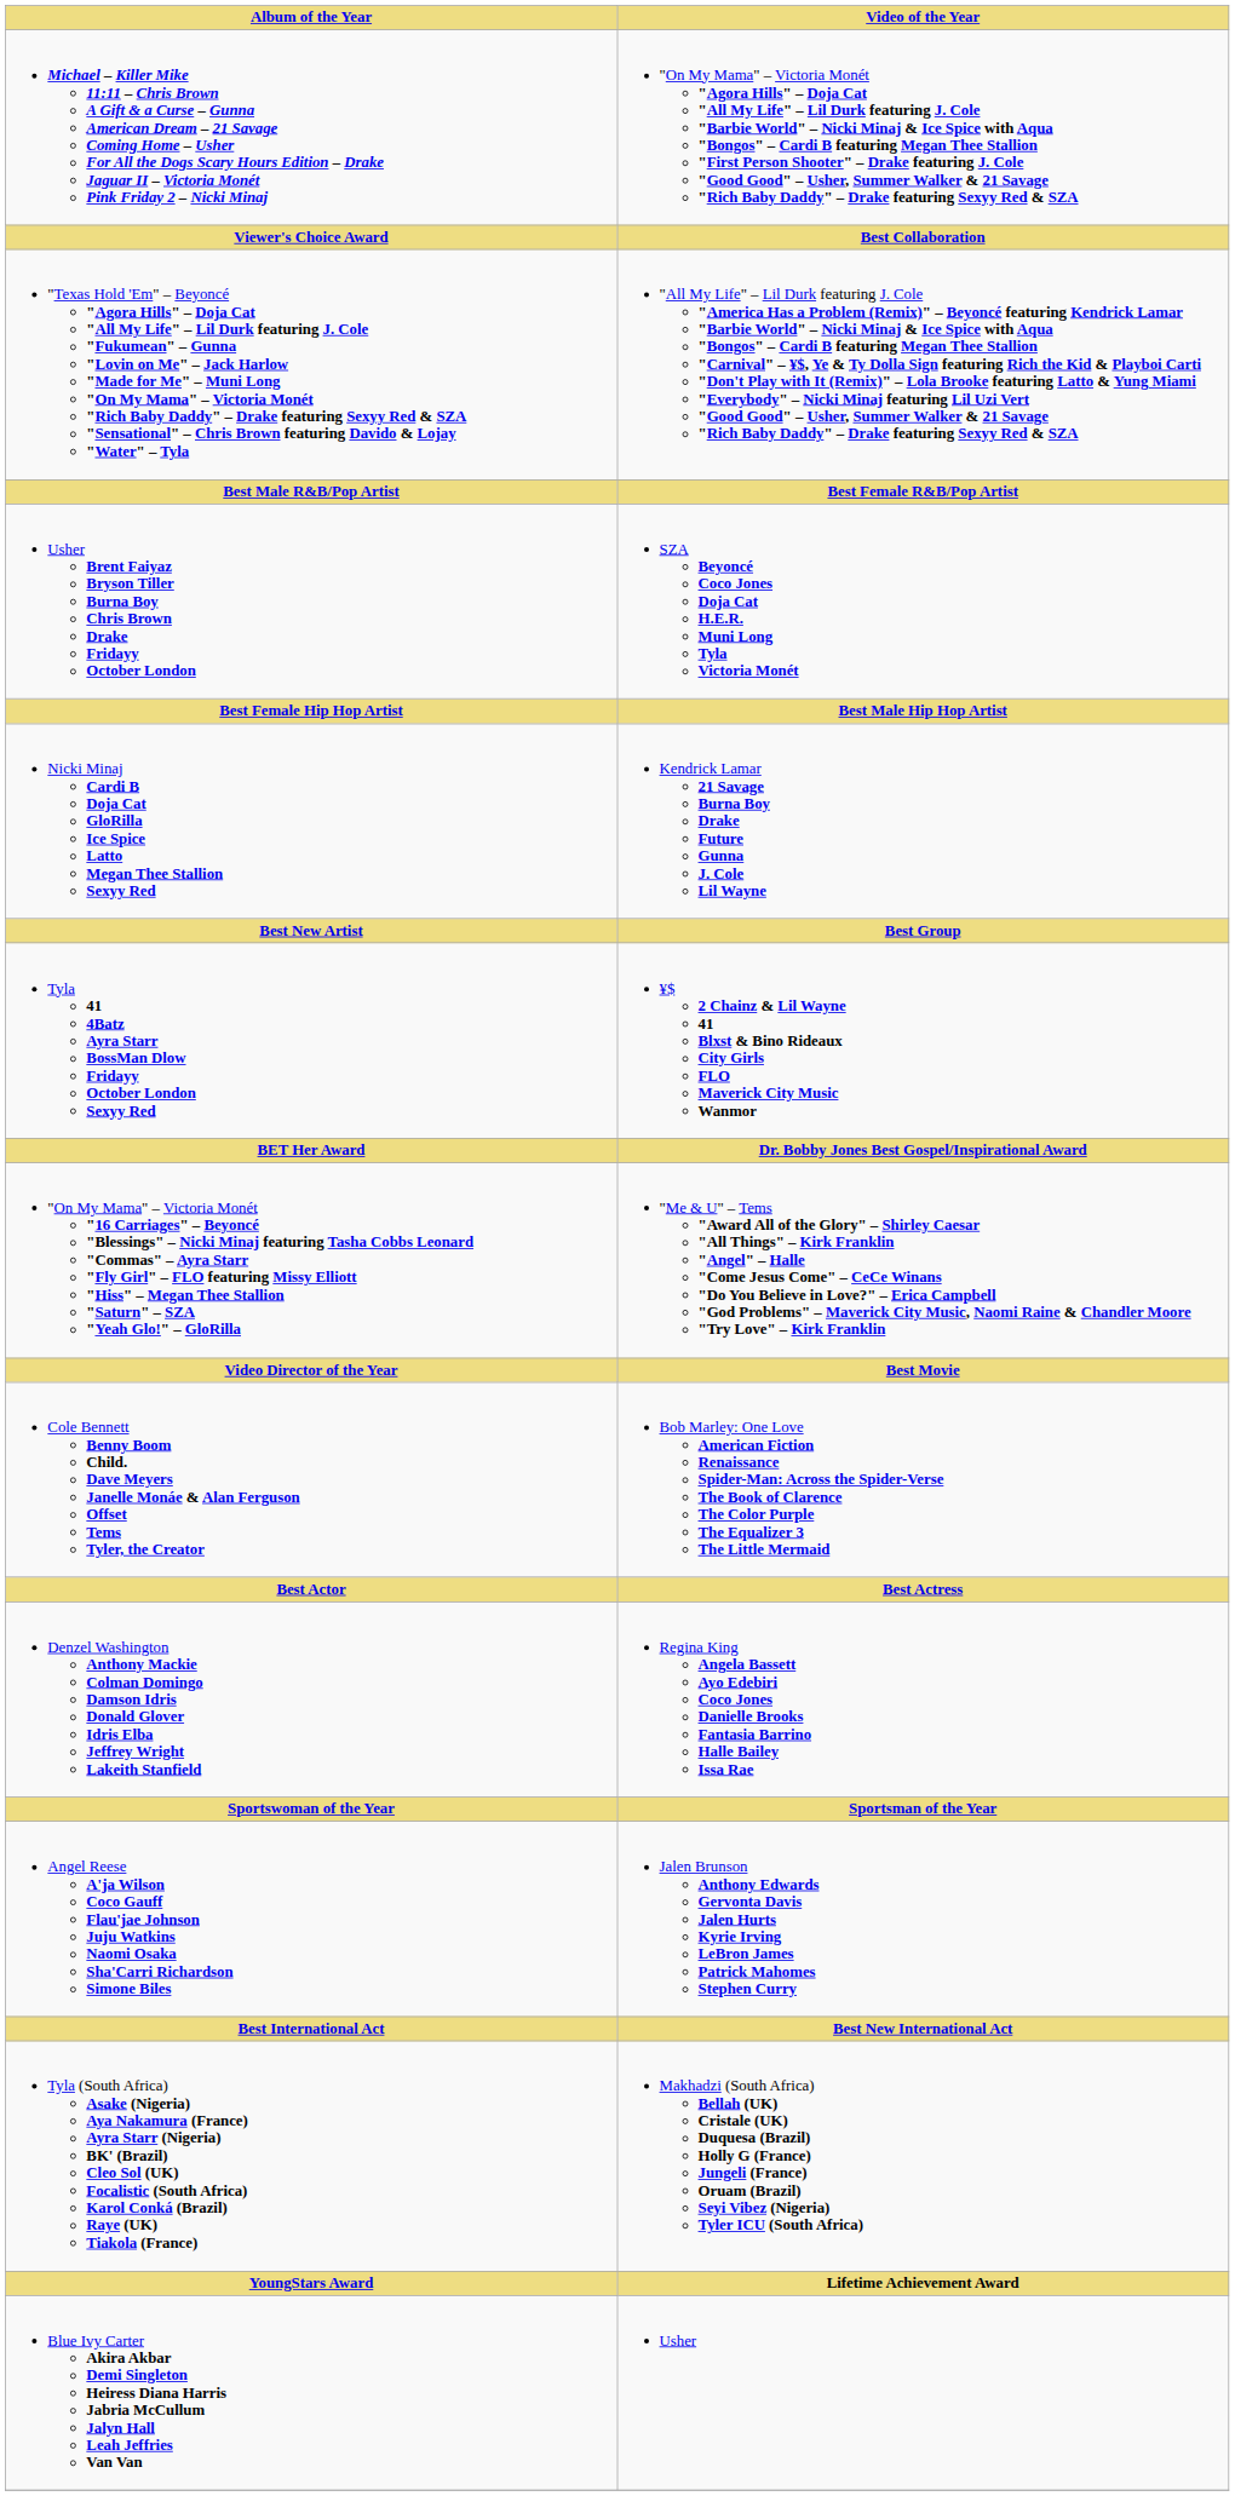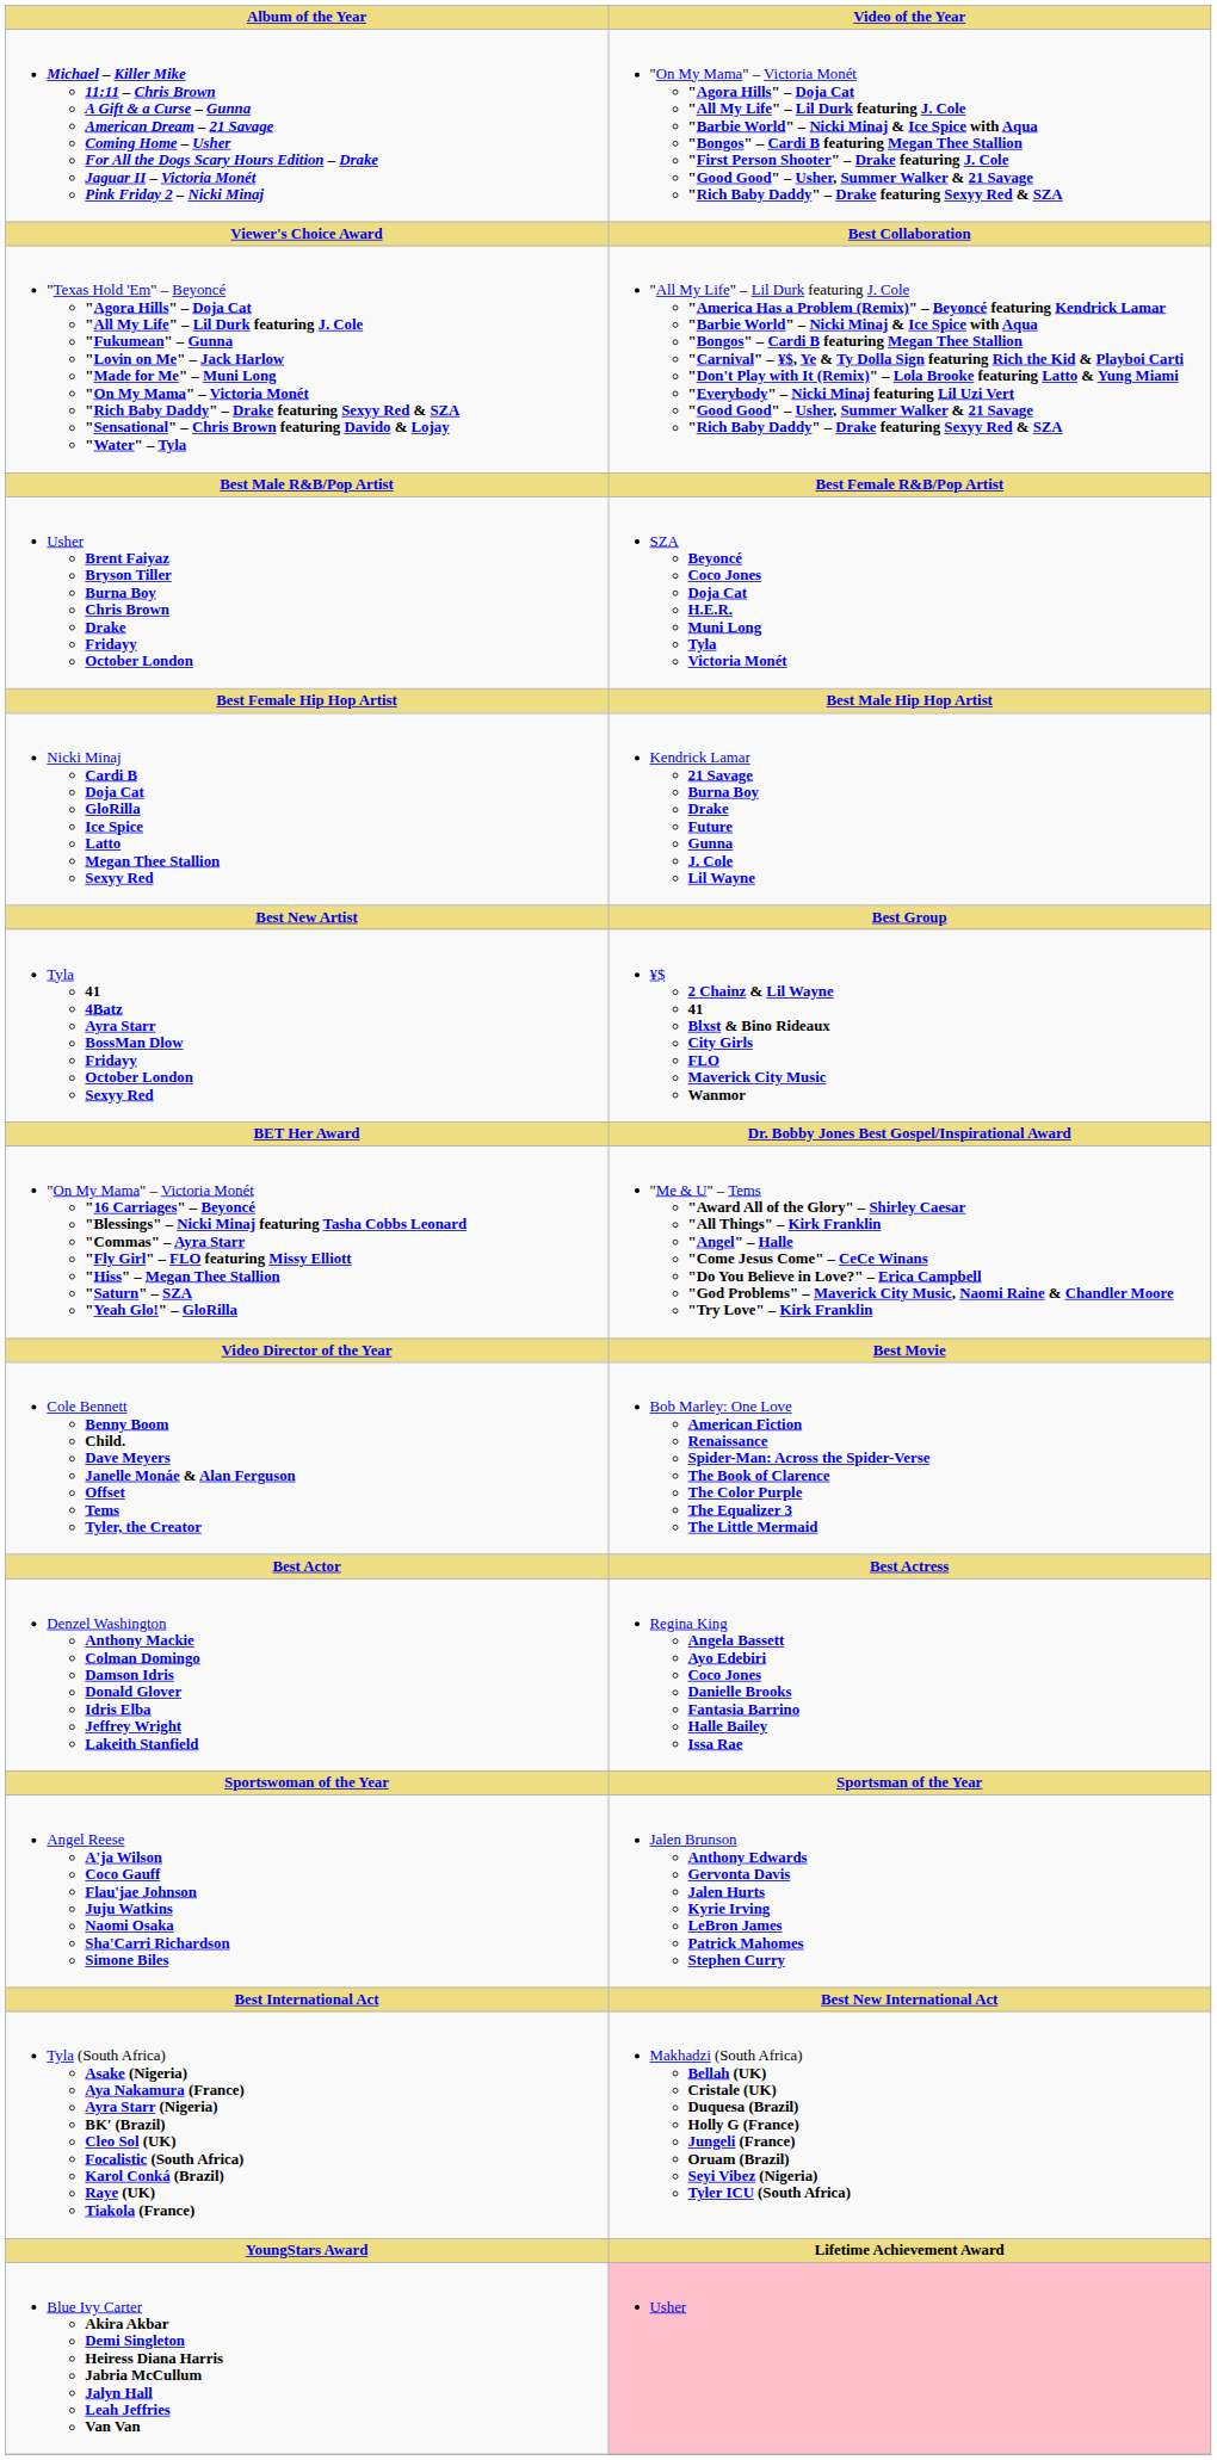 <table class=wikitable width="100%">
 <tr>
 <th style="background:#EEDD82;"! width="50%"><a href='#'>Album of the Year</a></th>
 <th style="background:#EEDD82;"! width="50%"><a href='#'>Video of the Year</a></th>
 </tr>
 <tr>
 <td valign="top"><br><ul><li><strong><em><a href='#'>Michael</a><em> – <a href='#'>Killer Mike</a><strong><ul><li></em><a href='#'>11:11</a><em> – <a href='#'>Chris Brown</a></li><li></em><a href='#'>A Gift & a Curse</a><em> – <a href='#'>Gunna</a></li><li></em><a href='#'>American Dream</a><em> – <a href='#'>21 Savage</a></li><li></em><a href='#'>Coming Home</a><em> – <a href='#'>Usher</a></li><li></em><a href='#'>For All the Dogs Scary Hours Edition</a><em> – <a href='#'>Drake</a></li><li></em><a href='#'>Jaguar II</a><em> – <a href='#'>Victoria Monét</a></li><li></em><a href='#'>Pink Friday 2</a><em> – <a href='#'>Nicki Minaj</a></li></ul></li></ul></td>
 <td valign="top"><br><ul><li></strong>"<a href='#'>On My Mama</a>" – <a href='#'>Victoria Monét</a><strong><ul><li>"<a href='#'>Agora Hills</a>" – <a href='#'>Doja Cat</a></li><li>"<a href='#'>All My Life</a>" – <a href='#'>Lil Durk</a> featuring <a href='#'>J. Cole</a></li><li>"<a href='#'>Barbie World</a>" – <a href='#'>Nicki Minaj</a> & <a href='#'>Ice Spice</a> with <a href='#'>Aqua</a></li><li>"<a href='#'>Bongos</a>" – <a href='#'>Cardi B</a> featuring <a href='#'>Megan Thee Stallion</a></li><li>"<a href='#'>First Person Shooter</a>" – <a href='#'>Drake</a> featuring <a href='#'>J. Cole</a></li><li>"<a href='#'>Good Good</a>" – <a href='#'>Usher</a>, <a href='#'>Summer Walker</a> & <a href='#'>21 Savage</a></li><li>"<a href='#'>Rich Baby Daddy</a>" – <a href='#'>Drake</a> featuring <a href='#'>Sexyy Red</a> & <a href='#'>SZA</a></li></ul></li></ul></td>
 </tr>
 <tr>
 <th style="background:#EEDD82;"! width="50%"><a href='#'>Viewer's Choice Award</a></th>
 <th style="background:#EEDD82;"! width="50%"><a href='#'>Best Collaboration</a></th>
 </tr>
 <tr>
 <td valign="top"><br><ul><li></strong>"<a href='#'>Texas Hold 'Em</a>" – <a href='#'>Beyoncé</a><strong><ul><li>"<a href='#'>Agora Hills</a>" – <a href='#'>Doja Cat</a></li><li>"<a href='#'>All My Life</a>" – <a href='#'>Lil Durk</a> featuring <a href='#'>J. Cole</a></li><li>"<a href='#'>Fukumean</a>" – <a href='#'>Gunna</a></li><li>"<a href='#'>Lovin on Me</a>" – <a href='#'>Jack Harlow</a></li><li>"<a href='#'>Made for Me</a>" – <a href='#'>Muni Long</a></li><li>"<a href='#'>On My Mama</a>" – <a href='#'>Victoria Monét</a></li><li>"<a href='#'>Rich Baby Daddy</a>" – <a href='#'>Drake</a> featuring <a href='#'>Sexyy Red</a> & <a href='#'>SZA</a></li><li>"<a href='#'>Sensational</a>" – <a href='#'>Chris Brown</a> featuring <a href='#'>Davido</a> & <a href='#'>Lojay</a></li><li>"<a href='#'>Water</a>" – <a href='#'>Tyla</a></li></ul></li></ul></td>
 <td valign="top"><br><ul><li></strong>"<a href='#'>All My Life</a>" – <a href='#'>Lil Durk</a> featuring <a href='#'>J. Cole</a><strong><ul><li>"<a href='#'>America Has a Problem (Remix)</a>" – <a href='#'>Beyoncé</a> featuring <a href='#'>Kendrick Lamar</a></li><li>"<a href='#'>Barbie World</a>" – <a href='#'>Nicki Minaj</a> & <a href='#'>Ice Spice</a> with <a href='#'>Aqua</a></li><li>"<a href='#'>Bongos</a>" – <a href='#'>Cardi B</a> featuring <a href='#'>Megan Thee Stallion</a></li><li>"<a href='#'>Carnival</a>" – <a href='#'>¥$</a>, <a href='#'>Ye</a> & <a href='#'>Ty Dolla Sign</a> featuring <a href='#'>Rich the Kid</a> & <a href='#'>Playboi Carti</a></li><li>"<a href='#'>Don't Play with It (Remix)</a>" – <a href='#'>Lola Brooke</a> featuring <a href='#'>Latto</a> & <a href='#'>Yung Miami</a></li><li>"<a href='#'>Everybody</a>" – <a href='#'>Nicki Minaj</a> featuring <a href='#'>Lil Uzi Vert</a></li><li>"<a href='#'>Good Good</a>" – <a href='#'>Usher</a>, <a href='#'>Summer Walker</a> & <a href='#'>21 Savage</a></li><li>"<a href='#'>Rich Baby Daddy</a>" – <a href='#'>Drake</a> featuring <a href='#'>Sexyy Red</a> & <a href='#'>SZA</a></li></ul></li></ul></td>
 </tr>
 <tr>
 <th style="background:#EEDD82;"! width="50%"><a href='#'>Best Male R&B/Pop Artist</a></th>
 <th style="background:#EEDD82;"! width="50%"><a href='#'>Best Female R&B/Pop Artist</a></th>
 </tr>
 <tr>
 <td valign="top"><br><ul><li></strong><a href='#'>Usher</a><strong><ul><li><a href='#'>Brent Faiyaz</a></li><li><a href='#'>Bryson Tiller</a></li><li><a href='#'>Burna Boy</a></li><li><a href='#'>Chris Brown</a></li><li><a href='#'>Drake</a></li><li><a href='#'>Fridayy</a></li><li><a href='#'>October London</a></li></ul></li></ul></td>
 <td valign="top"><br><ul><li></strong><a href='#'>SZA</a><strong><ul><li><a href='#'>Beyoncé</a></li><li><a href='#'>Coco Jones</a></li><li><a href='#'>Doja Cat</a></li><li><a href='#'>H.E.R.</a></li><li><a href='#'>Muni Long</a></li><li><a href='#'>Tyla</a></li><li><a href='#'>Victoria Monét</a></li></ul></li></ul></td>
 </tr>
 <tr>
 <th style="background:#EEDD82;"! width="50%"><a href='#'>Best Female Hip Hop Artist</a></th>
 <th style="background:#EEDD82;"! width="50%"><a href='#'>Best Male Hip Hop Artist</a></th>
 </tr>
 <tr>
 <td valign="top"><br><ul><li></strong><a href='#'>Nicki Minaj</a><strong><ul><li><a href='#'>Cardi B</a></li><li><a href='#'>Doja Cat</a></li><li><a href='#'>GloRilla</a></li><li><a href='#'>Ice Spice</a></li><li><a href='#'>Latto</a></li><li><a href='#'>Megan Thee Stallion</a></li><li><a href='#'>Sexyy Red</a></li></ul></li></ul></td>
 <td valign="top"><br><ul><li></strong><a href='#'>Kendrick Lamar</a><strong><ul><li><a href='#'>21 Savage</a></li><li><a href='#'>Burna Boy</a></li><li><a href='#'>Drake</a></li><li><a href='#'>Future</a></li><li><a href='#'>Gunna</a></li><li><a href='#'>J. Cole</a></li><li><a href='#'>Lil Wayne</a></li></ul></li></ul></td>
 </tr>
 <tr>
 <th style="background:#EEDD82;"! width="50%"><a href='#'>Best New Artist</a></th>
 <th style="background:#EEDD82;"! width="50%"><a href='#'>Best Group</a></th>
 </tr>
 <tr>
 <td valign="top"><br><ul><li></strong><a href='#'>Tyla</a><strong><ul><li>41</li><li><a href='#'>4Batz</a></li><li><a href='#'>Ayra Starr</a></li><li><a href='#'>BossMan Dlow</a></li><li><a href='#'>Fridayy</a></li><li><a href='#'>October London</a></li><li><a href='#'>Sexyy Red</a></li></ul></li></ul></td>
 <td valign="top"><br><ul><li></strong><a href='#'>¥$</a><strong><ul><li><a href='#'>2 Chainz</a> & <a href='#'>Lil Wayne</a></li><li>41</li><li><a href='#'>Blxst</a> & Bino Rideaux</li><li><a href='#'>City Girls</a></li><li><a href='#'>FLO</a></li><li><a href='#'>Maverick City Music</a></li><li>Wanmor</li></ul></li></ul></td>
 </tr>
 <tr>
 <th style="background:#EEDD82;"! width="50%"><a href='#'>BET Her Award</a></th>
 <th style="background:#EEDD82;"! width="50%"><a href='#'>Dr. Bobby Jones Best Gospel/Inspirational Award</a></th>
 </tr>
 <tr>
 <td valign="top"><br><ul><li></strong>"<a href='#'>On My Mama</a>" – <a href='#'>Victoria Monét</a><strong><ul><li>"<a href='#'>16 Carriages</a>" – <a href='#'>Beyoncé</a></li><li>"Blessings" – <a href='#'>Nicki Minaj</a> featuring <a href='#'>Tasha Cobbs Leonard</a></li><li>"Commas" – <a href='#'>Ayra Starr</a></li><li>"<a href='#'>Fly Girl</a>" – <a href='#'>FLO</a> featuring <a href='#'>Missy Elliott</a></li><li>"<a href='#'>Hiss</a>" – <a href='#'>Megan Thee Stallion</a></li><li>"<a href='#'>Saturn</a>" – <a href='#'>SZA</a></li><li>"<a href='#'>Yeah Glo!</a>" – <a href='#'>GloRilla</a></li></ul></li></ul></td>
 <td valign="top"><br><ul><li></strong>"<a href='#'>Me & U</a>" – <a href='#'>Tems</a><strong><ul><li>"Award All of the Glory" – <a href='#'>Shirley Caesar</a></li><li>"All Things" – <a href='#'>Kirk Franklin</a></li><li>"<a href='#'>Angel</a>" – <a href='#'>Halle</a></li><li>"Come Jesus Come" – <a href='#'>CeCe Winans</a></li><li>"Do You Believe in Love?" – <a href='#'>Erica Campbell</a></li><li>"God Problems" – <a href='#'>Maverick City Music</a>, <a href='#'>Naomi Raine</a> & <a href='#'>Chandler Moore</a></li><li>"Try Love" – <a href='#'>Kirk Franklin</a></li></ul></li></ul></td>
 </tr>
 <tr>
 <th style="background:#EEDD82;"! width="50%"><a href='#'>Video Director of the Year</a></th>
 <th style="background:#EEDD82;"! width="50%"><a href='#'>Best Movie</a></th>
 </tr>
 <tr>
 <td valign="top"><br><ul><li></strong><a href='#'>Cole Bennett</a><strong><ul><li><a href='#'>Benny Boom</a></li><li>Child.</li><li><a href='#'>Dave Meyers</a></li><li><a href='#'>Janelle Monáe</a> & <a href='#'>Alan Ferguson</a></li><li><a href='#'>Offset</a></li><li><a href='#'>Tems</a></li><li><a href='#'>Tyler, the Creator</a></li></ul></li></ul></td>
 <td valign="top"><br><ul><li></em></strong><a href='#'>Bob Marley: One Love</a><strong><em><ul><li></em><a href='#'>American Fiction</a><em></li><li></em><a href='#'>Renaissance</a><em></li><li></em><a href='#'>Spider-Man: Across the Spider-Verse</a><em></li><li></em><a href='#'>The Book of Clarence</a><em></li><li></em><a href='#'>The Color Purple</a><em></li><li></em><a href='#'>The Equalizer 3</a><em></li><li></em><a href='#'>The Little Mermaid</a><em></li></ul></li></ul></td>
 </tr>
 <tr>
 <th style="background:#EEDD82;"! width="50%"><a href='#'>Best Actor</a></th>
 <th style="background:#EEDD82;"! width="50%"><a href='#'>Best Actress</a></th>
 </tr>
 <tr>
 <td valign="top"><br><ul><li></strong><a href='#'>Denzel Washington</a><strong><ul><li><a href='#'>Anthony Mackie</a></li><li><a href='#'>Colman Domingo</a></li><li><a href='#'>Damson Idris</a></li><li><a href='#'>Donald Glover</a></li><li><a href='#'>Idris Elba</a></li><li><a href='#'>Jeffrey Wright</a></li><li><a href='#'>Lakeith Stanfield</a></li></ul></li></ul></td>
 <td valign="top"><br><ul><li></strong><a href='#'>Regina King</a><strong><ul><li><a href='#'>Angela Bassett</a></li><li><a href='#'>Ayo Edebiri</a></li><li><a href='#'>Coco Jones</a></li><li><a href='#'>Danielle Brooks</a></li><li><a href='#'>Fantasia Barrino</a></li><li><a href='#'>Halle Bailey</a></li><li><a href='#'>Issa Rae</a></li></ul></li></ul></td>
 </tr>
 <tr>
 <th style="background:#EEDD82;"! width="50%"><a href='#'>Sportswoman of the Year</a></th>
 <th style="background:#EEDD82;"! width="50%"><a href='#'>Sportsman of the Year</a></th>
 </tr>
 <tr>
 <td valign="top"><br><ul><li></strong><a href='#'>Angel Reese</a><strong><ul><li><a href='#'>A'ja Wilson</a></li><li><a href='#'>Coco Gauff</a></li><li><a href='#'>Flau'jae Johnson</a></li><li><a href='#'>Juju Watkins</a></li><li><a href='#'>Naomi Osaka</a></li><li><a href='#'>Sha'Carri Richardson</a></li><li><a href='#'>Simone Biles</a></li></ul></li></ul></td>
 <td valign="top"><br><ul><li></strong><a href='#'>Jalen Brunson</a><strong><ul><li><a href='#'>Anthony Edwards</a></li><li><a href='#'>Gervonta Davis</a></li><li><a href='#'>Jalen Hurts</a></li><li><a href='#'>Kyrie Irving</a></li><li><a href='#'>LeBron James</a></li><li><a href='#'>Patrick Mahomes</a></li><li><a href='#'>Stephen Curry</a></li></ul></li></ul></td>
 </tr>
 <tr>
 <th style="background:#EEDD82;"! width="50%"><a href='#'>Best International Act</a></th>
 <th style="background:#EEDD82;"! width="50%"><a href='#'>Best New International Act</a></th>
 </tr>
 <tr>
 <td valign="top"><br><ul><li></strong><a href='#'>Tyla</a> (South Africa)<strong><ul><li><a href='#'>Asake</a> (Nigeria)</li><li><a href='#'>Aya Nakamura</a> (France)</li><li><a href='#'>Ayra Starr</a> (Nigeria)</li><li>BK' (Brazil)</li><li><a href='#'>Cleo Sol</a> (UK)</li><li><a href='#'>Focalistic</a> (South Africa)</li><li><a href='#'>Karol Conká</a> (Brazil)</li><li><a href='#'>Raye</a> (UK)</li><li><a href='#'>Tiakola</a> (France)</li></ul></li></ul></td>
 <td valign="top"><br><ul><li></strong><a href='#'>Makhadzi</a> (South Africa)<strong><ul><li><a href='#'>Bellah</a> (UK)</li><li>Cristale (UK)</li><li>Duquesa (Brazil)</li><li>Holly G (France)</li><li><a href='#'>Jungeli</a> (France)</li><li>Oruam (Brazil)</li><li><a href='#'>Seyi Vibez</a> (Nigeria)</li><li><a href='#'>Tyler ICU</a> (South Africa)</li></ul></li></ul></td>
 </tr>
 <tr>
 <th style="background:#EEDD82;"! width="50%"><a href='#'>YoungStars Award</a></th>
 <th style="background:#EEDD82;"!  width="50%">Lifetime Achievement Award</th>
 </tr>
 <tr>
 <td valign="top"><br><ul><li></strong><a href='#'>Blue Ivy Carter</a><strong><ul><li>Akira Akbar</li><li><a href='#'>Demi Singleton</a></li><li>Heiress Diana Harris</li><li>Jabria McCullum</li><li><a href='#'>Jalyn Hall</a></li><li><a href='#'>Leah Jeffries</a></li><li>Van Van</li></ul></li></ul></td>
-<td valign="top"><br><ul><li></strong><a href='#'>Usher</a><strong></li></ul></td>
+<td valign="top" style="background: pink;"><br><ul><li></strong><a href='#'>Usher</a><strong></li></ul></td>
 </tr>
 <tr>
 </tr>
 </table>
